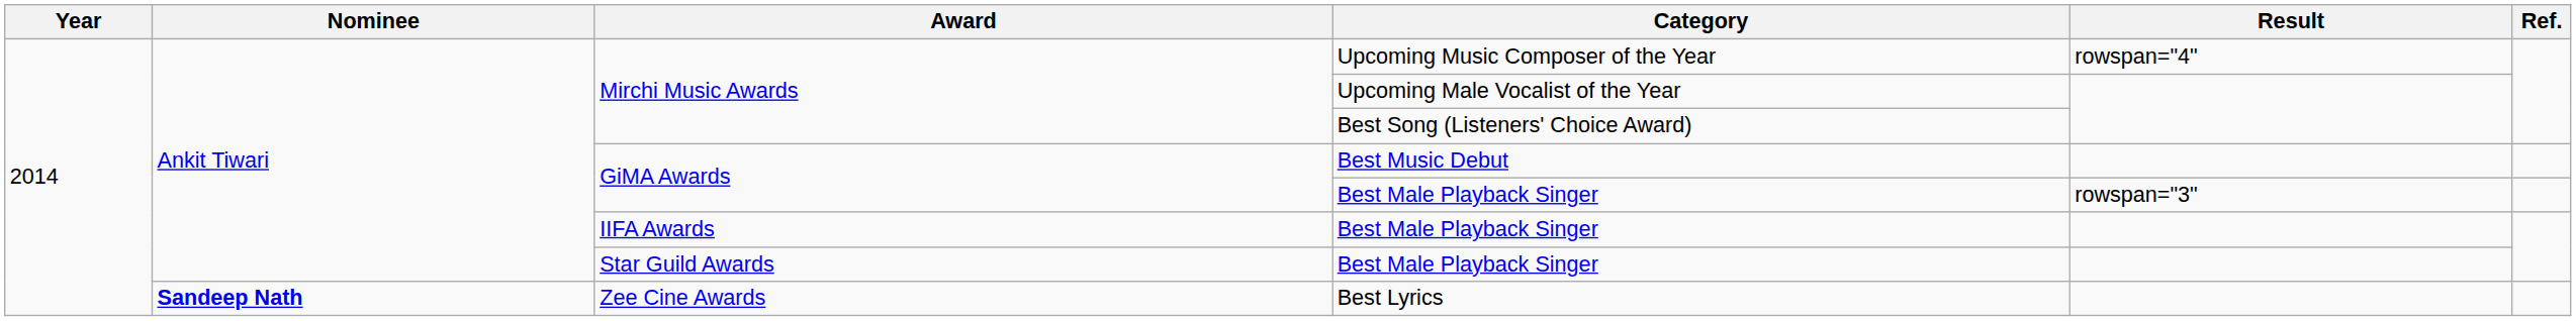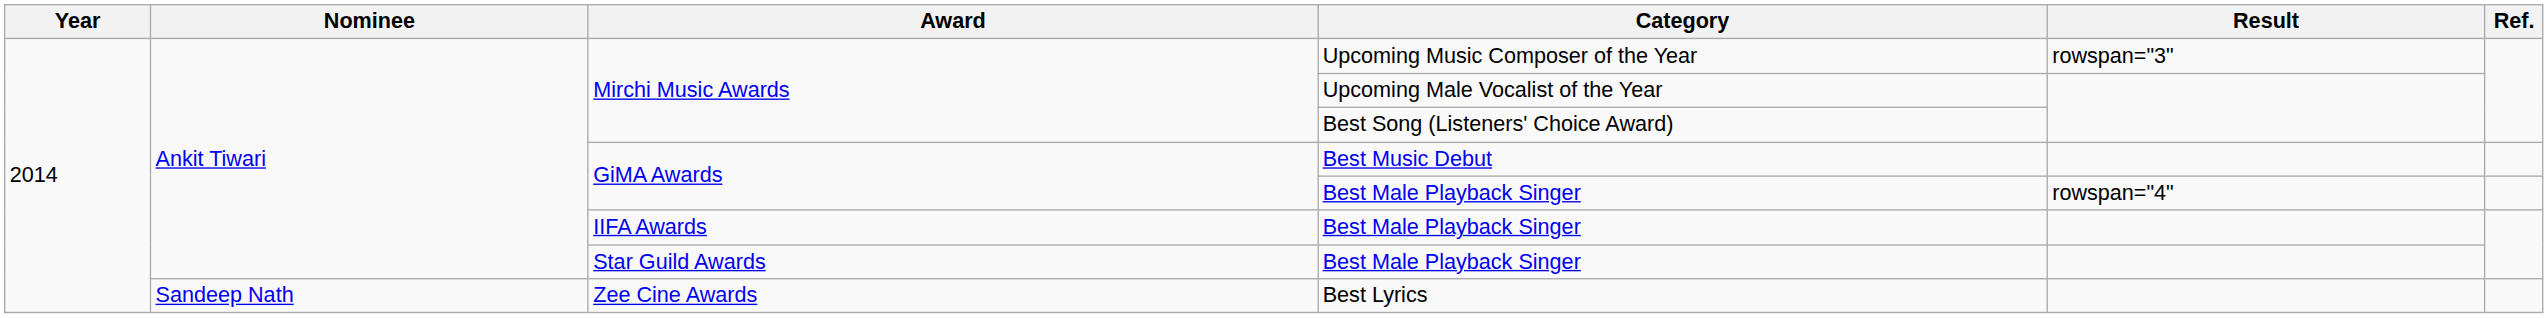 <table class="wikitable sortable">
 <tr>
 <th width=5%>Year</th>
 <th width=15%>Nominee</th>
 <th width=25%>Award</th>
 <th width=25%>Category</th>
 <th width=15%>Result</th>
 <th width=2%>Ref.</th>
 </tr>
 <tr>
 <td rowspan="8">2014</td>
 <td rowspan="7"><a href='#'>Ankit Tiwari</a></td>
 <td rowspan="3"><a href='#'>Mirchi Music Awards</a></td>
 <td>Upcoming Music Composer of the Year</td>
-<td>rowspan="4" </td>
+<td>rowspan="3" </td>
 <td rowspan="3"></td>
 </tr>
 <tr>
 <td>Upcoming Male Vocalist of the Year</td>
 </tr>
 <tr>
 <td>Best Song (Listeners' Choice Award)</td>
 </tr>
 <tr>
 <td rowspan="2"><a href='#'>GiMA Awards</a></td>
 <td><a href='#'>Best Music Debut</a></td>
 <td></td>
 </tr>
 <tr>
 <td><a href='#'>Best Male Playback Singer</a></td>
-<td>rowspan="3" </td>
+<td>rowspan="4" </td>
 <td></td>
 </tr>
 <tr>
 <td><a href='#'>IIFA Awards</a></td>
 <td><a href='#'>Best Male Playback Singer</a></td>
 <td></td>
 </tr>
 <tr>
 <td><a href='#'>Star Guild Awards</a></td>
 <td><a href='#'>Best Male Playback Singer</a></td>
 <td></td>
 </tr>
 <tr>
-<td><strong><a href='#'>Sandeep Nath</a></strong></td>
+<td><a href='#'>Sandeep Nath</a></td>
 <td><a href='#'>Zee Cine Awards</a></td>
 <td>Best Lyrics</td>
 <td></td>
 <td></td>
 </tr>
 </table>
